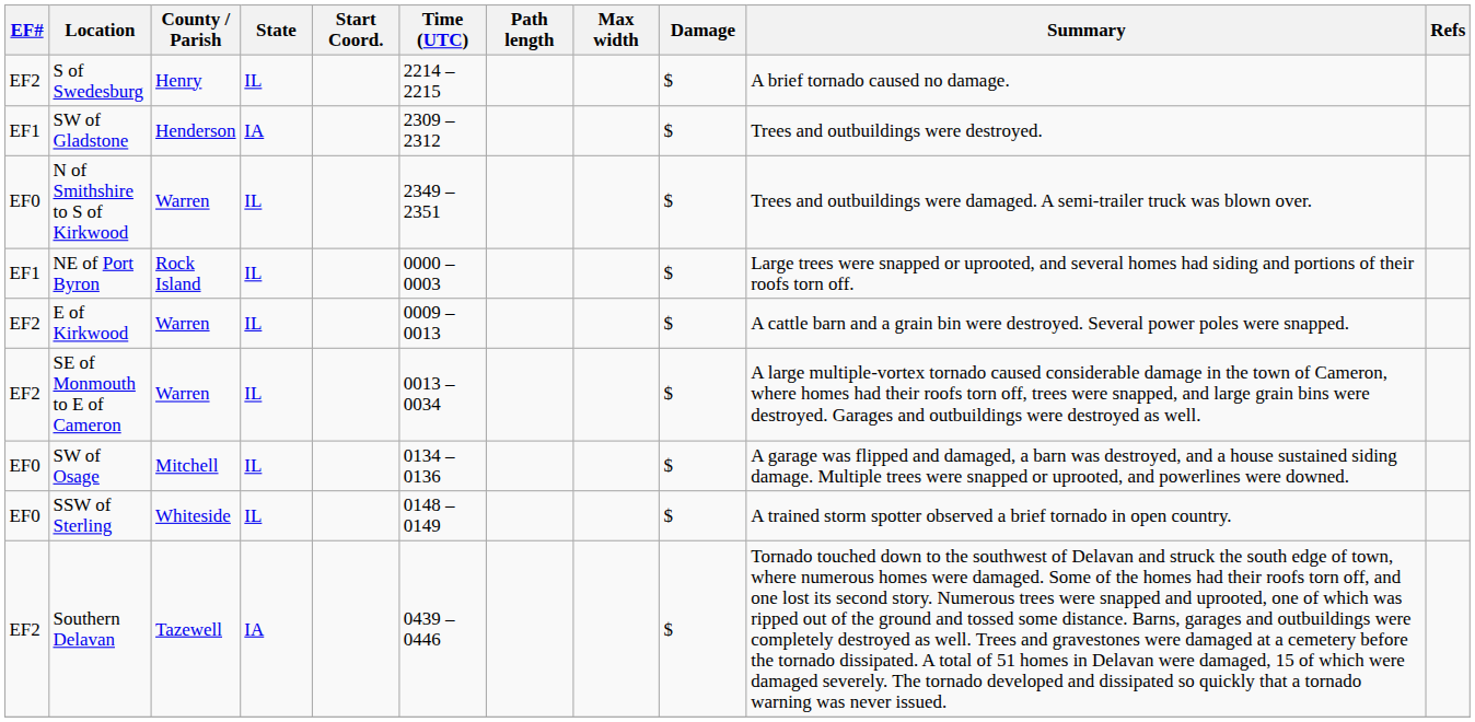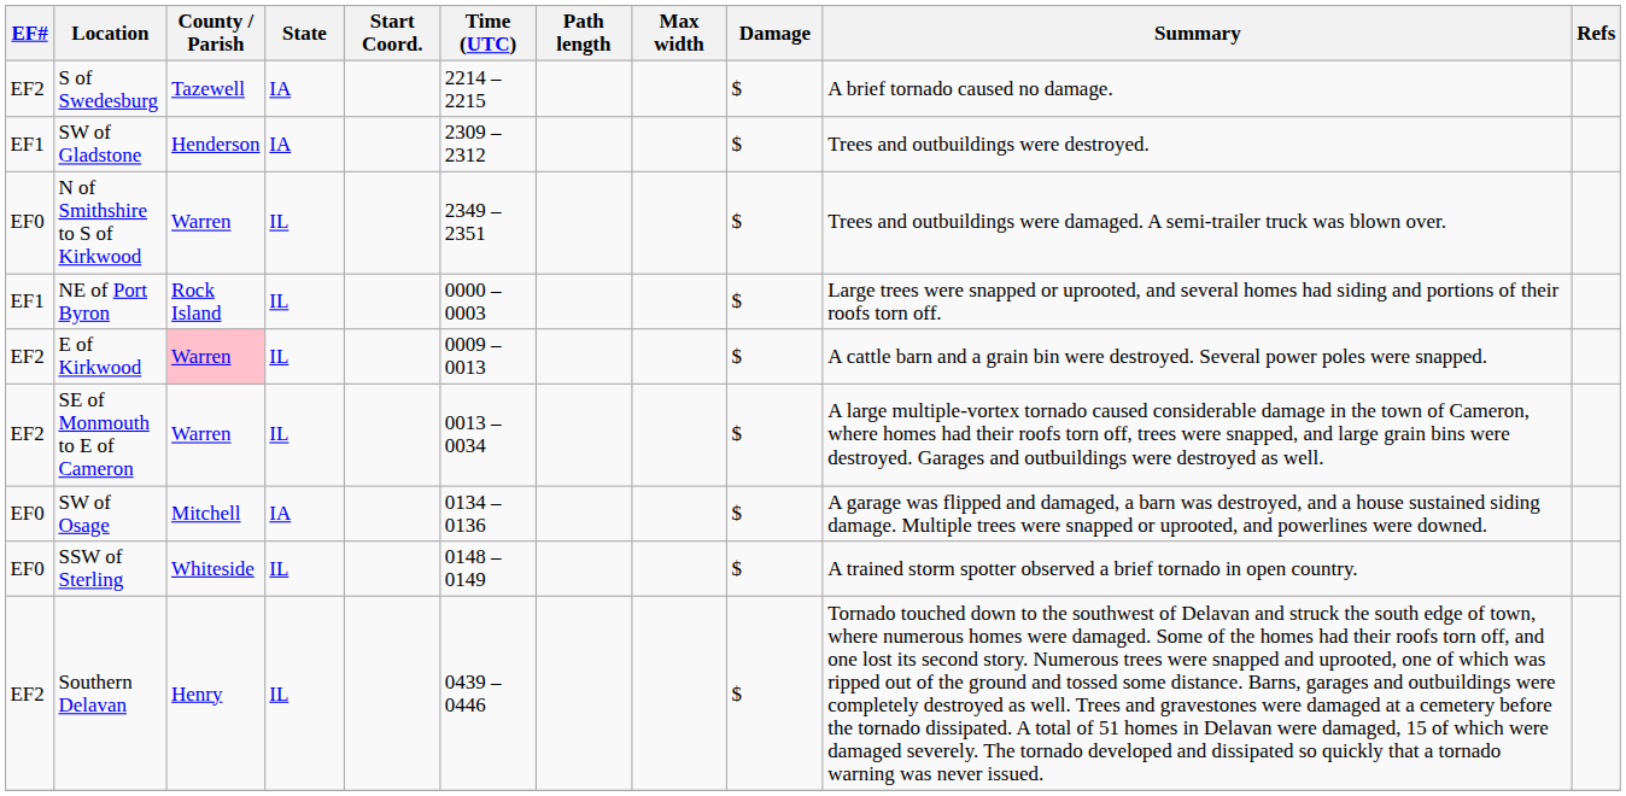 <table class="wikitable sortable" style="width:100%;">
 <tr>
 <th scope="col" width="3%" align="center"><a href='#'>EF#</a></th>
 <th scope="col" width="7%" align="center" class="unsortable">Location</th>
 <th scope="col" width="6%" align="center" class="unsortable">County / Parish</th>
 <th scope="col" width="5%" align="center">State</th>
 <th scope="col" width="6%" align="center">Start Coord.</th>
 <th scope="col" width="6%" align="center">Time (<a href='#'>UTC</a>)</th>
 <th scope="col" width="6%" align="center">Path length</th>
 <th scope="col" width="6%" align="center">Max width</th>
 <th scope="col" width="6%" align="center">Damage</th>
 <th scope="col" width="48%" class="unsortable" align="center">Summary</th>
 <th scope="col" width="48%" class="unsortable" align="center">Refs</th>
 </tr>
 <tr>
 <td>EF2</td>
 <td>S of <a href='#'>Swedesburg</a></td>
-<td><a href='#'>Henry</a></td>
-<td><a href='#'>IL</a></td>
+<td><a href='#'>Tazewell</a></td>
+<td><a href='#'>IA</a></td>
 <td></td>
 <td>2214 – 2215</td>
 <td></td>
 <td></td>
 <td>$</td>
 <td>A brief tornado caused no damage.</td>
 <td></td>
 </tr>
 <tr>
 <td>EF1</td>
 <td>SW of <a href='#'>Gladstone</a></td>
 <td><a href='#'>Henderson</a></td>
 <td><a href='#'>IA</a></td>
 <td></td>
 <td>2309 – 2312</td>
 <td></td>
 <td></td>
 <td>$</td>
 <td>Trees and outbuildings were destroyed.</td>
 <td></td>
 </tr>
 <tr>
 <td>EF0</td>
 <td>N of <a href='#'>Smithshire</a> to S of <a href='#'>Kirkwood</a></td>
 <td><a href='#'>Warren</a></td>
 <td><a href='#'>IL</a></td>
 <td></td>
 <td>2349 – 2351</td>
 <td></td>
 <td></td>
 <td>$</td>
 <td>Trees and outbuildings were damaged. A semi-trailer truck was blown over.</td>
 <td></td>
 </tr>
 <tr>
 <td>EF1</td>
 <td>NE of <a href='#'>Port Byron</a></td>
 <td><a href='#'>Rock Island</a></td>
 <td><a href='#'>IL</a></td>
 <td></td>
 <td>0000 – 0003</td>
 <td></td>
 <td></td>
 <td>$</td>
 <td>Large trees were snapped or uprooted, and several homes had siding and portions of their roofs torn off.</td>
 <td></td>
 </tr>
 <tr>
 <td>EF2</td>
 <td>E of <a href='#'>Kirkwood</a></td>
-<td><a href='#'>Warren</a></td>
+<td style="background: pink;"><a href='#'>Warren</a></td>
 <td><a href='#'>IL</a></td>
 <td></td>
 <td>0009 – 0013</td>
 <td></td>
 <td></td>
 <td>$</td>
 <td>A cattle barn and a grain bin were destroyed. Several power poles were snapped.</td>
 <td></td>
 </tr>
 <tr>
 <td>EF2</td>
 <td>SE of <a href='#'>Monmouth</a> to E of <a href='#'>Cameron</a></td>
 <td><a href='#'>Warren</a></td>
 <td><a href='#'>IL</a></td>
 <td></td>
 <td>0013 – 0034</td>
 <td></td>
 <td></td>
 <td>$</td>
 <td>A large multiple-vortex tornado caused considerable damage in the town of Cameron, where homes had their roofs torn off, trees were snapped, and large grain bins were destroyed. Garages and outbuildings were destroyed as well.</td>
 <td></td>
 </tr>
 <tr>
 <td>EF0</td>
 <td>SW of <a href='#'>Osage</a></td>
 <td><a href='#'>Mitchell</a></td>
-<td><a href='#'>IL</a></td>
+<td><a href='#'>IA</a></td>
 <td></td>
 <td>0134 – 0136</td>
 <td></td>
 <td></td>
 <td>$</td>
 <td>A garage was flipped and damaged, a barn was destroyed, and a house sustained siding damage. Multiple trees were snapped or uprooted, and powerlines were downed.</td>
 <td></td>
 </tr>
 <tr>
 <td>EF0</td>
 <td>SSW of <a href='#'>Sterling</a></td>
 <td><a href='#'>Whiteside</a></td>
 <td><a href='#'>IL</a></td>
 <td></td>
 <td>0148 – 0149</td>
 <td></td>
 <td></td>
 <td>$</td>
 <td>A trained storm spotter observed a brief tornado in open country.</td>
 <td></td>
 </tr>
 <tr>
 <td>EF2</td>
 <td>Southern <a href='#'>Delavan</a></td>
-<td><a href='#'>Tazewell</a></td>
-<td><a href='#'>IA</a></td>
+<td><a href='#'>Henry</a></td>
+<td><a href='#'>IL</a></td>
 <td></td>
 <td>0439 – 0446</td>
 <td></td>
 <td></td>
 <td>$</td>
 <td>Tornado touched down to the southwest of Delavan and struck the south edge of town, where numerous homes were damaged. Some of the homes had their roofs torn off, and one lost its second story. Numerous trees were snapped and uprooted, one of which was ripped out of the ground and tossed some distance. Barns, garages and outbuildings were completely destroyed as well. Trees and gravestones were damaged at a cemetery before the tornado dissipated. A total of 51 homes in Delavan were damaged, 15 of which were damaged severely. The tornado developed and dissipated so quickly that a tornado warning was never issued.</td>
 <td></td>
 </tr>
 <tr>
 </tr>
 </table>
